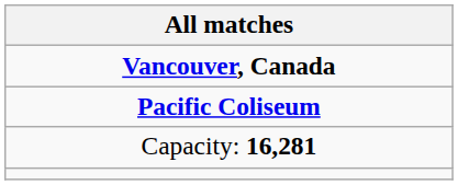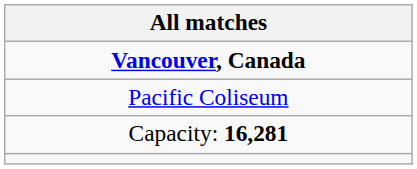 <table class="wikitable" style="text-align:center" width=280>
 <tr>
 <th>All matches</th>
 </tr>
 <tr>
 <td> <strong><a href='#'>Vancouver</a>, Canada</strong></td>
 </tr>
 <tr>
-<td><strong><a href='#'>Pacific Coliseum</a></strong></td>
+<td><a href='#'>Pacific Coliseum</a></td>
 </tr>
 <tr>
 <td>Capacity: <strong>16,281</strong></td>
 </tr>
 <tr>
 <td></td>
 </tr>
 </table>
